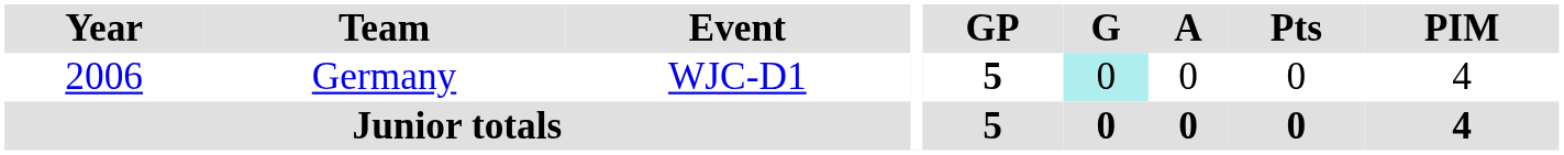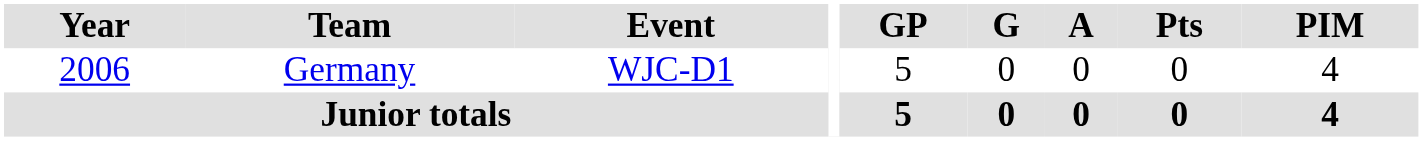 <table border="0" cellpadding="1" cellspacing="0" ID="Table3" style="text-align:center; width:40em">
 <tr ALIGN="center" bgcolor="#e0e0e0">
 <th>Year</th>
 <th>Team</th>
 <th>Event</th>
 <th rowspan="99" bgcolor="#ffffff"></th>
 <th>GP</th>
 <th>G</th>
 <th>A</th>
 <th>Pts</th>
 <th>PIM</th>
 </tr>
 <tr ALIGN="center">
 <td><a href='#'>2006</a></td>
 <td><a href='#'>Germany</a></td>
 <td><a href='#'>WJC-D1</a></td>
-<td><strong>5</strong></td>
-<td style="background: paleturquoise;">0</td>
+<td>5</td>
+<td>0</td>
 <td>0</td>
 <td>0</td>
 <td>4</td>
 </tr>
 <tr bgcolor="#e0e0e0">
 <th colspan="3">Junior totals</th>
 <th>5</th>
 <th>0</th>
 <th>0</th>
 <th>0</th>
 <th>4</th>
 </tr>
 </table>
